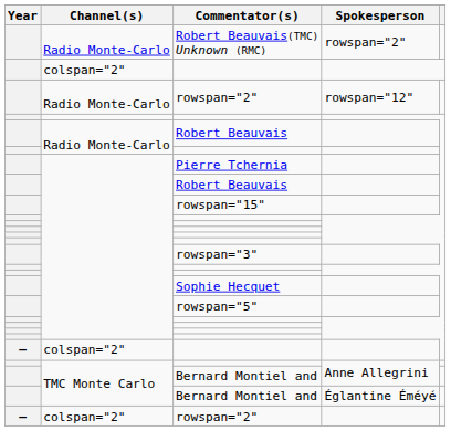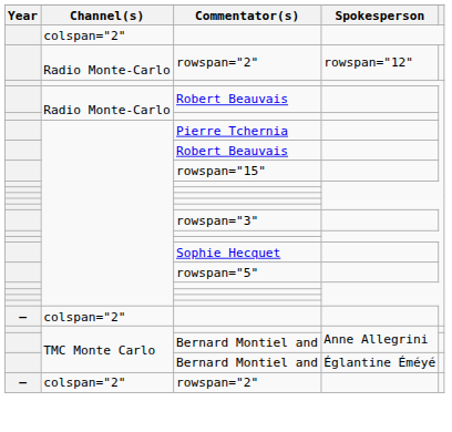 <table class="wikitable sortable plainrowheaders">
 <tr>
 </tr>
 <tr>
 <th>Year</th>
 <th>Channel(s)</th>
 <th>Commentator(s)</th>
 <th>Spokesperson</th>
 <th class="unsortable"></th>
-</tr>
-<tr>
-<th scope="row"></th>
-<td><br><a href='#'>Radio Monte-Carlo</a></td>
-<td><a href='#'>Robert Beauvais</a><small>(TMC)</small><br><em>Unknown</em> <small>(RMC)</small></td>
-<td>rowspan="2" </td>
-<td style="text-align:center;"></td>
 </tr>
 <tr>
 <th scope="row"></th>
 <td>colspan="2" </td>
 <td></td>
 </tr>
 <tr>
 <th scope="row"></th>
 <td><br>Radio Monte-Carlo</td>
 <td>rowspan="2" </td>
 <td>rowspan="12" </td>
 <td style="text-align:center;"></td>
 </tr>
 <tr>
 <th scope="row"></th>
 <td></td>
 <td></td>
 </tr>
 <tr>
 <th scope="row"></th>
 <td rowspan="2"><br>Radio Monte-Carlo</td>
 <td><a href='#'>Robert Beauvais</a></td>
 <td style="text-align:center;"></td>
 </tr>
 <tr>
 <th scope="row"></th>
 <td></td>
 <td style="text-align:center;"></td>
 </tr>
 <tr>
 <th scope="row"></th>
 <td rowspan="17"></td>
 <td><a href='#'>Pierre Tchernia</a></td>
 <td></td>
 </tr>
 <tr>
 <th scope="row"></th>
 <td><a href='#'>Robert Beauvais</a></td>
 <td style="text-align:center;"></td>
 </tr>
 <tr>
 <th scope="row"></th>
 <td>rowspan="15" </td>
 <td></td>
 </tr>
 <tr>
 <th scope="row"></th>
 <td></td>
 </tr>
 <tr>
 <th scope="row"></th>
 <td></td>
 </tr>
 <tr>
 <th scope="row"></th>
 <td></td>
 </tr>
 <tr>
 <th scope="row"></th>
 <td></td>
 </tr>
 <tr>
 <th scope="row"></th>
 <td></td>
 </tr>
 <tr>
 <th scope="row"></th>
 <td>rowspan="3" </td>
 <td></td>
 </tr>
 <tr>
 <th scope="row"></th>
 <td></td>
 </tr>
 <tr>
 <th scope="row"></th>
 <td></td>
 </tr>
 <tr>
 <th scope="row"></th>
 <td><a href='#'>Sophie Hecquet</a></td>
 <td></td>
 </tr>
 <tr>
 <th scope="row"></th>
 <td>rowspan="5" </td>
 <td></td>
 </tr>
 <tr>
 <th scope="row"></th>
 <td></td>
 </tr>
 <tr>
 <th scope="row"></th>
 <td></td>
 </tr>
 <tr>
 <th scope="row"></th>
 <td></td>
 </tr>
 <tr>
 <th scope="row"></th>
 <td></td>
 </tr>
 <tr>
 <th scope="row">–</th>
 <td>colspan="2" </td>
 <td></td>
 <td></td>
 </tr>
 <tr>
 <th scope="row"></th>
 <td rowspan="3">TMC Monte Carlo</td>
 <td></td>
 <td rowspan="2">Anne Allegrini</td>
 <td></td>
 </tr>
 <tr>
 <th scope="row"></th>
 <td>Bernard Montiel and </td>
 <td></td>
 </tr>
 <tr>
 <th scope="row"></th>
 <td>Bernard Montiel and </td>
 <td>Églantine Éméyé</td>
 <td></td>
 </tr>
 <tr>
 <th scope="row">–</th>
 <td>colspan="2" </td>
 <td>rowspan="2" </td>
 <td></td>
 </tr>
 </table>
